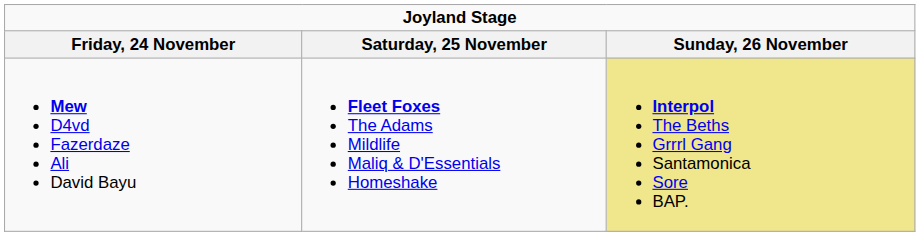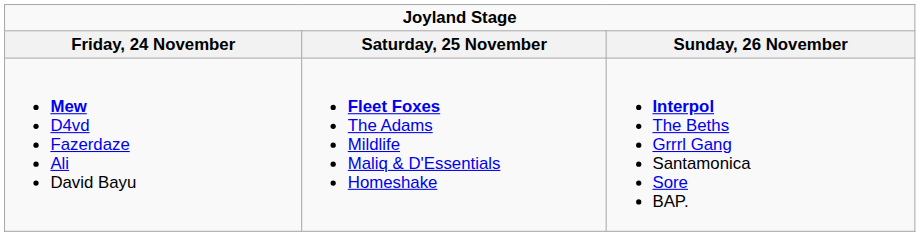 <table class="wikitable">
 <tr>
 <td colspan="4" align="center"><strong>Joyland Stage</strong></td>
 </tr>
 <tr>
 <th width="500">Friday, 24 November</th>
 <th width="500">Saturday, 25 November</th>
 <th width="500">Sunday, 26 November</th>
 </tr>
 <tr valign="top">
 <td><br><ul><li><strong><a href='#'>Mew</a></strong></li><li><a href='#'>D4vd</a></li><li><a href='#'>Fazerdaze</a></li><li><a href='#'>Ali</a></li><li>David Bayu</li></ul></td>
 <td><br><ul><li><strong><a href='#'>Fleet Foxes</a></strong></li><li><a href='#'>The Adams</a></li><li><a href='#'>Mildlife</a></li><li><a href='#'>Maliq & D'Essentials</a></li><li><a href='#'>Homeshake</a></li></ul></td>
-<td style="background: khaki;"><br><ul><li><strong><a href='#'>Interpol</a></strong></li><li><a href='#'>The Beths</a></li><li><a href='#'>Grrrl Gang</a></li><li>Santamonica</li><li><a href='#'>Sore</a></li><li>BAP.</li></ul></td>
+<td><br><ul><li><strong><a href='#'>Interpol</a></strong></li><li><a href='#'>The Beths</a></li><li><a href='#'>Grrrl Gang</a></li><li>Santamonica</li><li><a href='#'>Sore</a></li><li>BAP.</li></ul></td>
 </tr>
 </table>
